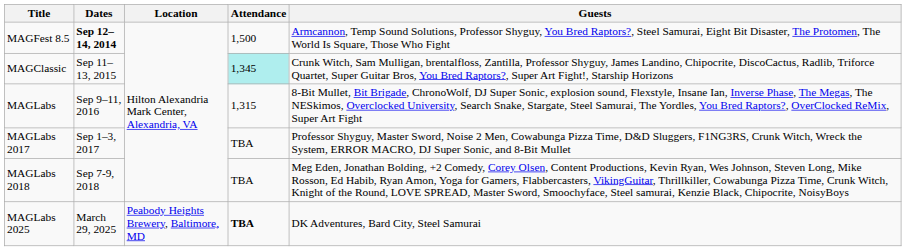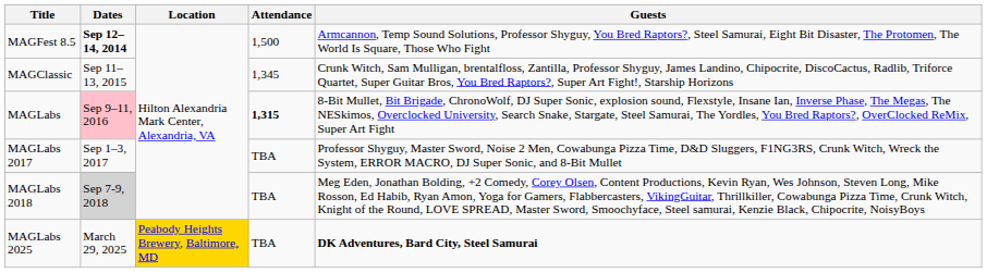 <table class="wikitable" width="100%">
 <tr>
 <th>Title</th>
 <th>Dates</th>
 <th>Location</th>
 <th>Attendance</th>
 <th>Guests</th>
 </tr>
 <tr>
 <td>MAGFest 8.5</td>
 <td><strong>Sep 12–14, 2014</strong></td>
 <td Rowspan=5>Hilton Alexandria Mark Center,<br> <a href='#'>Alexandria, VA</a></td>
 <td>1,500</td>
 <td><a href='#'>Armcannon</a>, Temp Sound Solutions, Professor Shyguy, <a href='#'>You Bred Raptors?</a>, Steel Samurai, Eight Bit Disaster, <a href='#'>The Protomen</a>, The World Is Square, Those Who Fight</td>
 </tr>
 <tr>
 <td>MAGClassic</td>
 <td>Sep 11–13, 2015</td>
-<td style="background: paleturquoise;">1,345</td>
+<td>1,345</td>
 <td>Crunk Witch, Sam Mulligan, brentalfloss, Zantilla, Professor Shyguy, James Landino, Chipocrite, DiscoCactus, Radlib, Triforce Quartet, Super Guitar Bros, <a href='#'>You Bred Raptors?</a>, Super Art Fight!, Starship Horizons</td>
 </tr>
 <tr>
 <td>MAGLabs</td>
-<td>Sep 9–11, 2016</td>
-<td>1,315</td>
+<td style="background: pink;">Sep 9–11, 2016</td>
+<td><strong>1,315</strong></td>
 <td>8-Bit Mullet, <a href='#'>Bit Brigade</a>, ChronoWolf, DJ Super Sonic, explosion sound, Flexstyle, Insane Ian, <a href='#'>Inverse Phase</a>, <a href='#'>The Megas</a>, The NESkimos, <a href='#'>Overclocked University</a>, Search Snake, Stargate, Steel Samurai, The Yordles, <a href='#'>You Bred Raptors?</a>, <a href='#'>OverClocked ReMix</a>, Super Art Fight</td>
 </tr>
 <tr>
 <td>MAGLabs 2017</td>
 <td>Sep 1–3, 2017</td>
 <td>TBA</td>
 <td>Professor Shyguy, Master Sword, Noise 2 Men, Cowabunga Pizza Time, D&D Sluggers, F1NG3RS, Crunk Witch, Wreck the System, ERROR MACRO, DJ Super Sonic, and 8-Bit Mullet</td>
 </tr>
 <tr>
 <td>MAGLabs 2018</td>
-<td>Sep 7-9, 2018</td>
+<td style="background: lightgrey;">Sep 7-9, 2018</td>
 <td>TBA</td>
 <td>Meg Eden, Jonathan Bolding, +2 Comedy, <a href='#'>Corey Olsen</a>, Content Productions, Kevin Ryan, Wes Johnson, Steven Long, Mike Rosson, Ed Habib, Ryan Amon, Yoga for Gamers, Flabbercasters, <a href='#'>VikingGuitar</a>,  Thrillkiller, Cowabunga Pizza Time, Crunk Witch, Knight of the Round, LOVE SPREAD, Master Sword, Smoochyface, Steel samurai, Kenzie Black, Chipocrite, NoisyBoys</td>
 </tr>
 <tr>
 <td>MAGLabs 2025</td>
 <td>March 29, 2025</td>
-<td><a href='#'>Peabody Heights Brewery</a>, <a href='#'>Baltimore, MD</a></td>
-<td><strong>TBA</strong></td>
-<td>DK Adventures, Bard City, Steel Samurai</td>
+<td style="background: gold;"><a href='#'>Peabody Heights Brewery</a>, <a href='#'>Baltimore, MD</a></td>
+<td>TBA</td>
+<td><strong>DK Adventures, Bard City, Steel Samurai</strong></td>
 </tr>
 </table>
